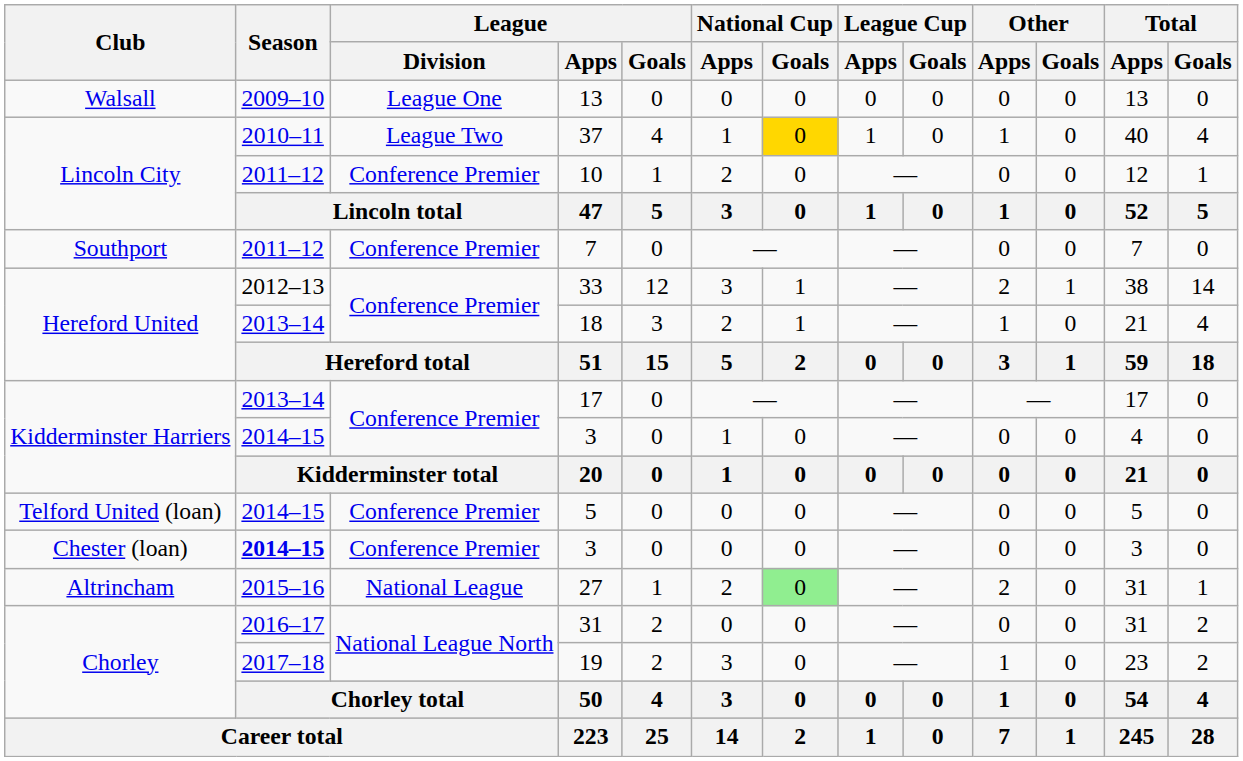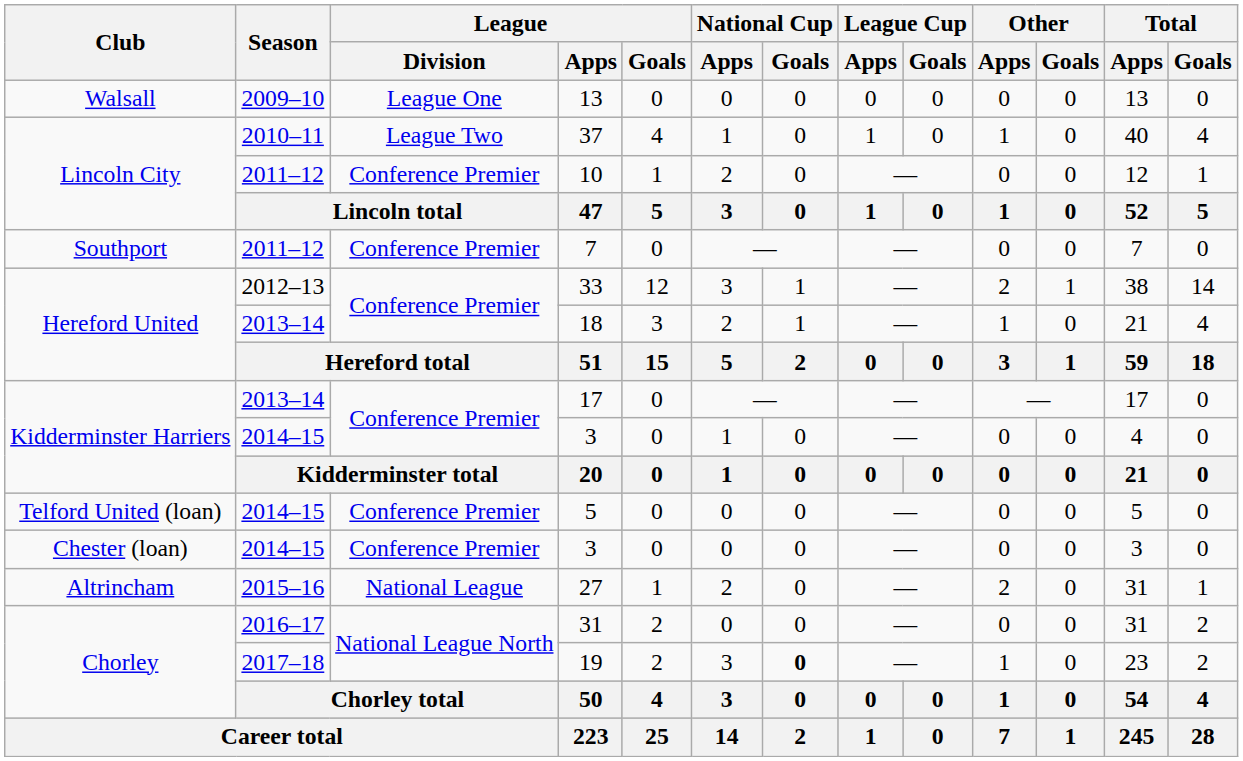 <table class="wikitable" style="text-align:center">
 <tr>
 <th rowspan="2">Club</th>
 <th rowspan="2">Season</th>
 <th colspan="3">League</th>
 <th colspan="2">National Cup</th>
 <th colspan="2">League Cup</th>
 <th colspan="2">Other</th>
 <th colspan="2">Total</th>
 </tr>
 <tr>
 <th>Division</th>
 <th>Apps</th>
 <th>Goals</th>
 <th>Apps</th>
 <th>Goals</th>
 <th>Apps</th>
 <th>Goals</th>
 <th>Apps</th>
 <th>Goals</th>
 <th>Apps</th>
 <th>Goals</th>
 </tr>
 <tr>
 <td><a href='#'>Walsall</a></td>
 <td><a href='#'>2009–10</a></td>
 <td><a href='#'>League One</a></td>
 <td>13</td>
 <td>0</td>
 <td>0</td>
 <td>0</td>
 <td>0</td>
 <td>0</td>
 <td>0</td>
 <td>0</td>
 <td>13</td>
 <td>0</td>
 </tr>
 <tr>
 <td rowspan="3"><a href='#'>Lincoln City</a></td>
 <td><a href='#'>2010–11</a></td>
 <td><a href='#'>League Two</a></td>
 <td>37</td>
 <td>4</td>
 <td>1</td>
-<td style="background: gold;">0</td>
+<td>0</td>
 <td>1</td>
 <td>0</td>
 <td>1</td>
 <td>0</td>
 <td>40</td>
 <td>4</td>
 </tr>
 <tr>
 <td><a href='#'>2011–12</a></td>
 <td><a href='#'>Conference Premier</a></td>
 <td>10</td>
 <td>1</td>
 <td>2</td>
 <td>0</td>
 <td colspan="2">—</td>
 <td>0</td>
 <td>0</td>
 <td>12</td>
 <td>1</td>
 </tr>
 <tr>
 <th colspan="2">Lincoln total</th>
 <th>47</th>
 <th>5</th>
 <th>3</th>
 <th>0</th>
 <th>1</th>
 <th>0</th>
 <th>1</th>
 <th>0</th>
 <th>52</th>
 <th>5</th>
 </tr>
 <tr>
 <td><a href='#'>Southport</a></td>
 <td><a href='#'>2011–12</a></td>
 <td><a href='#'>Conference Premier</a></td>
 <td>7</td>
 <td>0</td>
 <td colspan="2">—</td>
 <td colspan="2">—</td>
 <td>0</td>
 <td>0</td>
 <td>7</td>
 <td>0</td>
 </tr>
 <tr>
 <td rowspan="3"><a href='#'>Hereford United</a></td>
 <td>2012–13</td>
 <td rowspan="2"><a href='#'>Conference Premier</a></td>
 <td>33</td>
 <td>12</td>
 <td>3</td>
 <td>1</td>
 <td colspan="2">—</td>
 <td>2</td>
 <td>1</td>
 <td>38</td>
 <td>14</td>
 </tr>
 <tr>
 <td><a href='#'>2013–14</a></td>
 <td>18</td>
 <td>3</td>
 <td>2</td>
 <td>1</td>
 <td colspan="2">—</td>
 <td>1</td>
 <td>0</td>
 <td>21</td>
 <td>4</td>
 </tr>
 <tr>
 <th colspan="2">Hereford total</th>
 <th>51</th>
 <th>15</th>
 <th>5</th>
 <th>2</th>
 <th>0</th>
 <th>0</th>
 <th>3</th>
 <th>1</th>
 <th>59</th>
 <th>18</th>
 </tr>
 <tr>
 <td rowspan="3"><a href='#'>Kidderminster Harriers</a></td>
 <td><a href='#'>2013–14</a></td>
 <td rowspan="2"><a href='#'>Conference Premier</a></td>
 <td>17</td>
 <td>0</td>
 <td colspan="2">—</td>
 <td colspan="2">—</td>
 <td colspan="2">—</td>
 <td>17</td>
 <td>0</td>
 </tr>
 <tr>
 <td><a href='#'>2014–15</a></td>
 <td>3</td>
 <td>0</td>
 <td>1</td>
 <td>0</td>
 <td colspan="2">—</td>
 <td>0</td>
 <td>0</td>
 <td>4</td>
 <td>0</td>
 </tr>
 <tr>
 <th colspan="2">Kidderminster total</th>
 <th>20</th>
 <th>0</th>
 <th>1</th>
 <th>0</th>
 <th>0</th>
 <th>0</th>
 <th>0</th>
 <th>0</th>
 <th>21</th>
 <th>0</th>
 </tr>
 <tr>
 <td><a href='#'>Telford United</a> (loan)</td>
 <td><a href='#'>2014–15</a></td>
 <td><a href='#'>Conference Premier</a></td>
 <td>5</td>
 <td>0</td>
 <td>0</td>
 <td>0</td>
 <td colspan="2">—</td>
 <td>0</td>
 <td>0</td>
 <td>5</td>
 <td>0</td>
 </tr>
 <tr>
 <td><a href='#'>Chester</a> (loan)</td>
-<td><strong><a href='#'>2014–15</a></strong></td>
+<td><a href='#'>2014–15</a></td>
 <td><a href='#'>Conference Premier</a></td>
 <td>3</td>
 <td>0</td>
 <td>0</td>
 <td>0</td>
 <td colspan="2">—</td>
 <td>0</td>
 <td>0</td>
 <td>3</td>
 <td>0</td>
 </tr>
 <tr>
 <td><a href='#'>Altrincham</a></td>
 <td><a href='#'>2015–16</a></td>
 <td><a href='#'>National League</a></td>
 <td>27</td>
 <td>1</td>
 <td>2</td>
-<td style="background: lightgreen;">0</td>
+<td>0</td>
 <td colspan="2">—</td>
 <td>2</td>
 <td>0</td>
 <td>31</td>
 <td>1</td>
 </tr>
 <tr>
 <td rowspan="3"><a href='#'>Chorley</a></td>
 <td><a href='#'>2016–17</a></td>
 <td rowspan="2"><a href='#'>National League North</a></td>
 <td>31</td>
 <td>2</td>
 <td>0</td>
 <td>0</td>
 <td colspan="2">—</td>
 <td>0</td>
 <td>0</td>
 <td>31</td>
 <td>2</td>
 </tr>
 <tr>
 <td><a href='#'>2017–18</a></td>
 <td>19</td>
 <td>2</td>
 <td>3</td>
-<td>0</td>
+<td><strong>0</strong></td>
 <td colspan="2">—</td>
 <td>1</td>
 <td>0</td>
 <td>23</td>
 <td>2</td>
 </tr>
 <tr>
 <th colspan="2">Chorley total</th>
 <th>50</th>
 <th>4</th>
 <th>3</th>
 <th>0</th>
 <th>0</th>
 <th>0</th>
 <th>1</th>
 <th>0</th>
 <th>54</th>
 <th>4</th>
 </tr>
 <tr>
 <th colspan="3">Career total</th>
 <th>223</th>
 <th>25</th>
 <th>14</th>
 <th>2</th>
 <th>1</th>
 <th>0</th>
 <th>7</th>
 <th>1</th>
 <th>245</th>
 <th>28</th>
 </tr>
 </table>
